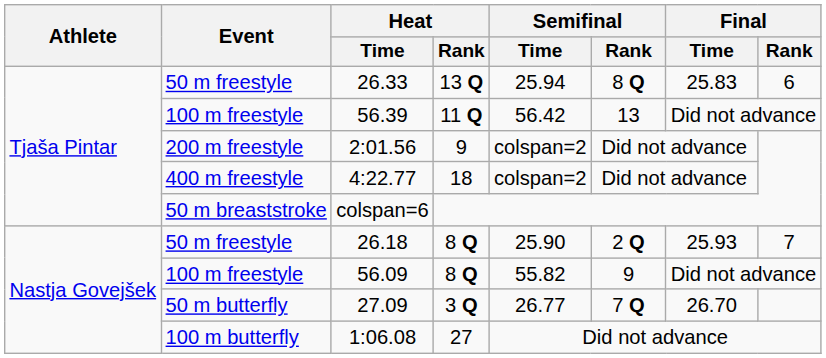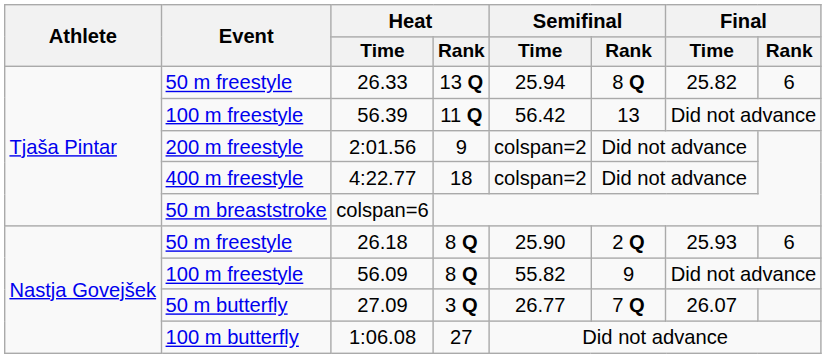 <table class=wikitable style="font-size:90%">
 <tr>
 <th rowspan=2>Athlete</th>
 <th rowspan=2>Event</th>
 <th colspan="2">Heat</th>
 <th colspan="2">Semifinal</th>
 <th colspan="2">Final</th>
 </tr>
 <tr style="font-size:95%">
 <th>Time</th>
 <th>Rank</th>
 <th>Time</th>
 <th>Rank</th>
 <th>Time</th>
 <th>Rank</th>
 </tr>
 <tr align=center>
 <td align=left rowspan=5><a href='#'>Tjaša Pintar</a></td>
 <td align=left><a href='#'>50 m freestyle</a></td>
 <td>26.33</td>
 <td>13 <strong>Q</strong></td>
 <td>25.94</td>
 <td>8 <strong>Q</strong></td>
-<td>25.83</td>
+<td>25.82</td>
 <td>6</td>
 </tr>
 <tr align=center>
 <td align=left><a href='#'>100 m freestyle</a></td>
 <td>56.39</td>
 <td>11 <strong>Q</strong></td>
 <td>56.42</td>
 <td>13</td>
 <td colspan=2>Did not advance</td>
 </tr>
 <tr align=center>
 <td align=left><a href='#'>200 m freestyle</a></td>
 <td>2:01.56</td>
 <td>9</td>
 <td>colspan=2 </td>
 <td colspan=2>Did not advance</td>
 </tr>
 <tr align=center>
 <td align=left><a href='#'>400 m freestyle</a></td>
 <td>4:22.77</td>
 <td>18</td>
 <td>colspan=2 </td>
 <td colspan=2>Did not advance</td>
 </tr>
 <tr align=center>
 <td align=left><a href='#'>50 m breaststroke</a></td>
 <td>colspan=6 </td>
 </tr>
 <tr align=center>
 <td align=left rowspan=4><a href='#'>Nastja Govejšek</a></td>
 <td align=left><a href='#'>50 m freestyle</a></td>
 <td>26.18</td>
 <td>8 <strong>Q</strong></td>
 <td>25.90</td>
 <td>2 <strong>Q</strong></td>
 <td>25.93</td>
-<td>7</td>
+<td>6</td>
 </tr>
 <tr align=center>
 <td align=left><a href='#'>100 m freestyle</a></td>
 <td>56.09</td>
 <td>8 <strong>Q</strong></td>
 <td>55.82</td>
 <td>9</td>
 <td colspan=2>Did not advance</td>
 </tr>
 <tr align=center>
 <td align=left><a href='#'>50 m butterfly</a></td>
 <td>27.09</td>
 <td>3 <strong>Q</strong></td>
 <td>26.77</td>
 <td>7 <strong>Q</strong></td>
-<td>26.70</td>
+<td>26.07</td>
 <td></td>
 </tr>
 <tr align=center>
 <td align=left><a href='#'>100 m butterfly</a></td>
 <td>1:06.08</td>
 <td>27</td>
 <td colspan=4>Did not advance</td>
 </tr>
 </table>
